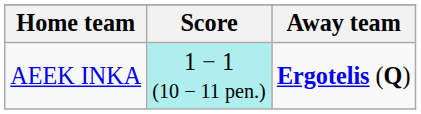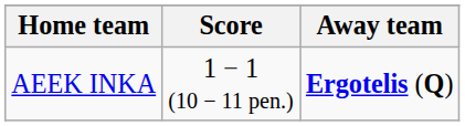 <table class="wikitable" style="text-align: center">
 <tr>
 </tr>
 <tr>
 <th>Home team</th>
 <th>Score</th>
 <th>Away team</th>
 </tr>
 <tr>
 <td><a href='#'>AEEK INKA</a></td>
-<td style="background: paleturquoise;">1 − 1<br><small>(10 − 11 pen.)</small></td>
+<td>1 − 1<br><small>(10 − 11 pen.)</small></td>
 <td><strong><a href='#'>Ergotelis</a></strong> (<strong>Q</strong>)</td>
 </tr>
 </table>
